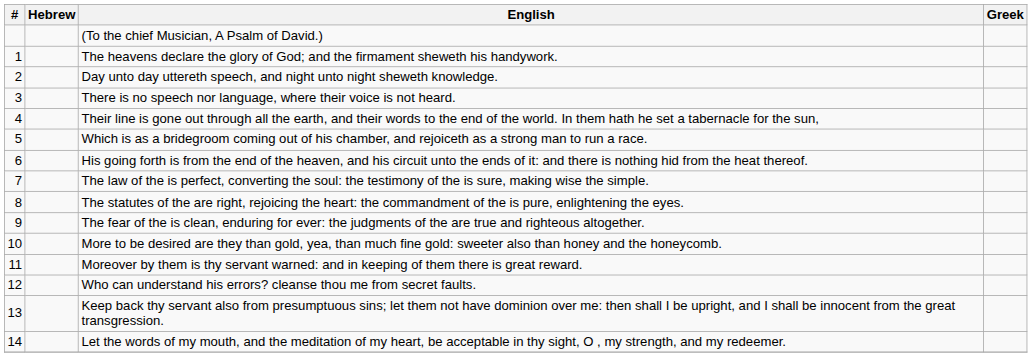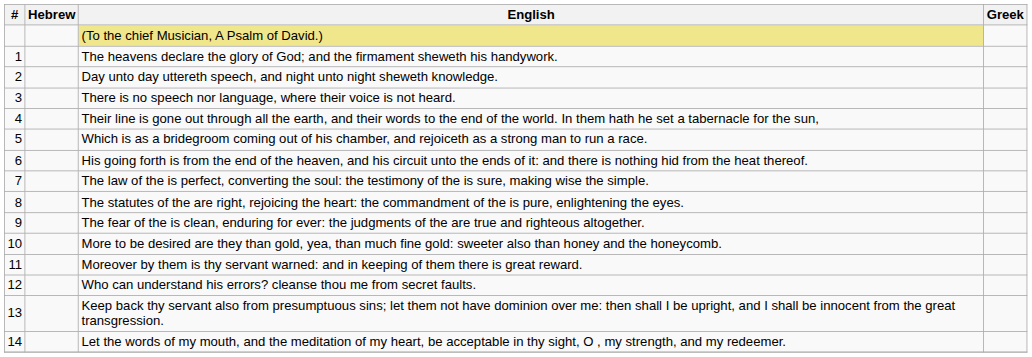 <table class=wikitable>
 <tr>
 <th>#</th>
 <th>Hebrew</th>
 <th>English</th>
 <th>Greek</th>
 </tr>
 <tr>
 <td style="text-align:right"></td>
 <td style="text-align:right"></td>
-<td>(To the chief Musician, A Psalm of David.)</td>
+<td style="background: khaki;">(To the chief Musician, A Psalm of David.)</td>
 <td></td>
 </tr>
 <tr>
 <td style="text-align:right">1</td>
 <td style="text-align:right"></td>
 <td>The heavens declare the glory of God; and the firmament sheweth his handywork.</td>
 <td></td>
 </tr>
 <tr>
 <td style="text-align:right">2</td>
 <td style="text-align:right"></td>
 <td>Day unto day uttereth speech, and night unto night sheweth knowledge.</td>
 <td></td>
 </tr>
 <tr>
 <td style="text-align:right">3</td>
 <td style="text-align:right"></td>
 <td>There is no speech nor language, where their voice is not heard.</td>
 <td></td>
 </tr>
 <tr>
 <td style="text-align:right">4</td>
 <td style="text-align:right"></td>
 <td>Their line is gone out through all the earth, and their words to the end of the world. In them hath he set a tabernacle for the sun,</td>
 <td></td>
 </tr>
 <tr>
 <td style="text-align:right">5</td>
 <td style="text-align:right"></td>
 <td>Which is as a bridegroom coming out of his chamber, and rejoiceth as a strong man to run a race.</td>
 <td></td>
 </tr>
 <tr>
 <td style="text-align:right">6</td>
 <td style="text-align:right"></td>
 <td>His going forth is from the end of the heaven, and his circuit unto the ends of it: and there is nothing hid from the heat thereof.</td>
 <td></td>
 </tr>
 <tr>
 <td style="text-align:right">7</td>
 <td style="text-align:right"></td>
 <td>The law of the  is perfect, converting the soul: the testimony of the  is sure, making wise the simple.</td>
 <td></td>
 </tr>
 <tr>
 <td style="text-align:right">8</td>
 <td style="text-align:right"></td>
 <td>The statutes of the  are right, rejoicing the heart: the commandment of the  is pure, enlightening the eyes.</td>
 <td></td>
 </tr>
 <tr>
 <td style="text-align:right">9</td>
 <td style="text-align:right"></td>
 <td>The fear of the  is clean, enduring for ever: the judgments of the  are true and righteous altogether.</td>
 <td></td>
 </tr>
 <tr>
 <td style="text-align:right">10</td>
 <td style="text-align:right"></td>
 <td>More to be desired are they than gold, yea, than much fine gold: sweeter also than honey and the honeycomb.</td>
 <td></td>
 </tr>
 <tr>
 <td style="text-align:right">11</td>
 <td style="text-align:right"></td>
 <td>Moreover by them is thy servant warned: and in keeping of them there is great reward.</td>
 <td></td>
 </tr>
 <tr>
 <td style="text-align:right">12</td>
 <td style="text-align:right"></td>
 <td>Who can understand his errors? cleanse thou me from secret faults.</td>
 <td></td>
 </tr>
 <tr>
 <td style="text-align:right">13</td>
 <td style="text-align:right"></td>
 <td>Keep back thy servant also from presumptuous sins; let them not have dominion over me: then shall I be upright, and I shall be innocent from the great transgression.</td>
 <td></td>
 </tr>
 <tr>
 <td style="text-align:right">14</td>
 <td style="text-align:right"></td>
 <td>Let the words of my mouth, and the meditation of my heart, be acceptable in thy sight, O , my strength, and my redeemer.</td>
 <td></td>
 </tr>
 <tr>
 </tr>
 </table>
